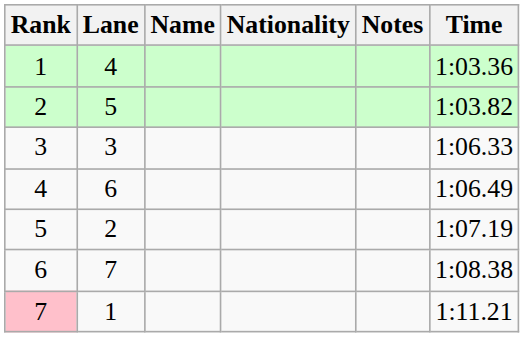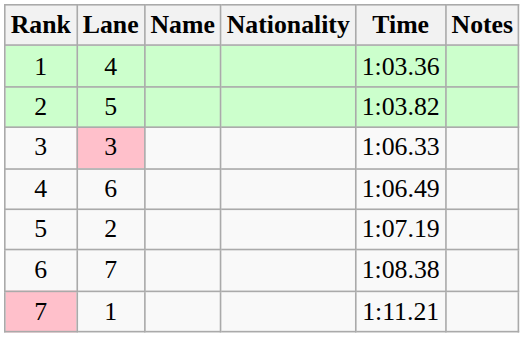 <table class="wikitable sortable" style="text-align:center">
 <tr>
 <th>Rank</th>
 <th>Lane</th>
 <th>Name</th>
 <th>Nationality</th>
+<th>Time</th>
 <th>Notes</th>
-<th>Time</th>
 </tr>
 <tr bgcolor=ccffcc>
 <td>1</td>
 <td>4</td>
 <td align=left></td>
 <td align=left></td>
+<td>1:03.36</td>
 <td><strong></strong></td>
-<td>1:03.36</td>
 </tr>
 <tr bgcolor=ccffcc>
 <td>2</td>
 <td>5</td>
 <td align=left></td>
 <td align=left></td>
+<td>1:03.82</td>
 <td><strong></strong></td>
-<td>1:03.82</td>
 </tr>
 <tr>
 <td>3</td>
-<td>3</td>
+<td style="background: pink;">3</td>
 <td align=left></td>
 <td align=left></td>
+<td>1:06.33</td>
 <td></td>
-<td>1:06.33</td>
 </tr>
 <tr>
 <td>4</td>
 <td>6</td>
 <td align=left></td>
 <td align=left></td>
+<td>1:06.49</td>
 <td></td>
-<td>1:06.49</td>
 </tr>
 <tr>
 <td>5</td>
 <td>2</td>
 <td align=left></td>
 <td align=left></td>
+<td>1:07.19</td>
 <td></td>
-<td>1:07.19</td>
 </tr>
 <tr>
 <td>6</td>
 <td>7</td>
 <td align=left></td>
 <td align=left></td>
+<td>1:08.38</td>
 <td></td>
-<td>1:08.38</td>
 </tr>
 <tr>
 <td style="background: pink;">7</td>
 <td>1</td>
 <td align=left></td>
 <td align=left></td>
+<td>1:11.21</td>
 <td></td>
-<td>1:11.21</td>
 </tr>
 </table>
